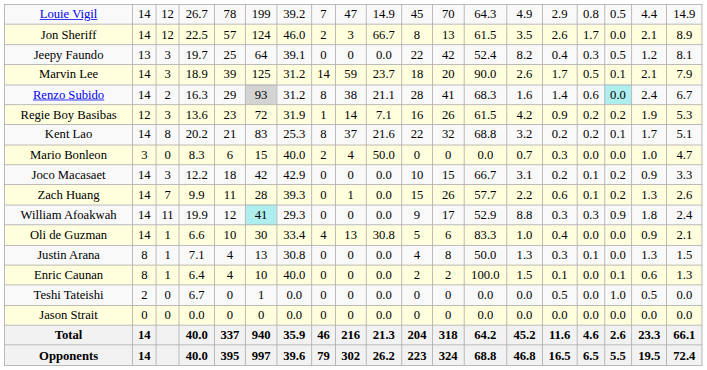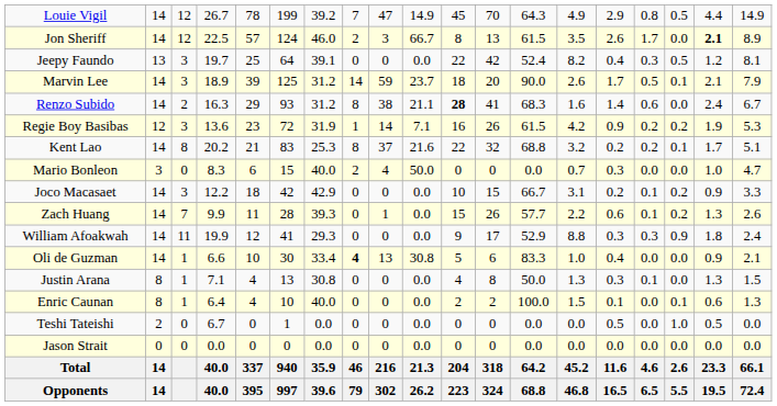 <table class=wikitable width=100%>
 <tr align=center>
 <td><a href='#'>Louie Vigil</a></td>
 <td>14</td>
 <td>12</td>
 <td style=>26.7</td>
 <td>78</td>
 <td>199</td>
 <td>39.2</td>
 <td>7</td>
 <td>47</td>
 <td>14.9</td>
 <td>45</td>
 <td>70</td>
 <td>64.3</td>
 <td>4.9</td>
 <td style=>2.9</td>
 <td>0.8</td>
 <td>0.5</td>
 <td>4.4</td>
 <td style=>14.9</td>
 </tr>
 <tr bgcolor=#ffffdd align=center>
 <td>Jon Sheriff</td>
 <td>14</td>
 <td>12</td>
 <td>22.5</td>
 <td>57</td>
 <td>124</td>
 <td style=>46.0</td>
 <td>2</td>
 <td>3</td>
 <td style=>66.7</td>
 <td>8</td>
 <td>13</td>
 <td>61.5</td>
 <td>3.5</td>
 <td>2.6</td>
 <td style=>1.7</td>
 <td>0.0</td>
-<td>2.1</td>
+<td><strong>2.1</strong></td>
 <td>8.9</td>
 </tr>
 <tr align=center>
 <td>Jeepy Faundo</td>
 <td>13</td>
 <td>3</td>
 <td>19.7</td>
 <td>25</td>
 <td>64</td>
 <td>39.1</td>
 <td>0</td>
 <td>0</td>
 <td>0.0</td>
 <td>22</td>
 <td>42</td>
 <td>52.4</td>
 <td>8.2</td>
 <td>0.4</td>
 <td>0.3</td>
 <td>0.5</td>
 <td>1.2</td>
 <td>8.1</td>
 </tr>
 <tr bgcolor=#ffffdd align=center>
 <td>Marvin Lee</td>
 <td>14</td>
 <td>3</td>
 <td>18.9</td>
 <td>39</td>
 <td>125</td>
 <td>31.2</td>
 <td>14</td>
 <td>59</td>
 <td>23.7</td>
 <td>18</td>
 <td>20</td>
 <td>90.0</td>
 <td>2.6</td>
 <td>1.7</td>
 <td>0.5</td>
 <td>0.1</td>
 <td>2.1</td>
 <td>7.9</td>
 </tr>
 <tr align=center>
 <td><a href='#'>Renzo Subido</a></td>
 <td>14</td>
 <td>2</td>
 <td>16.3</td>
 <td>29</td>
-<td style="background: lightgrey;">93</td>
+<td>93</td>
 <td>31.2</td>
 <td>8</td>
 <td>38</td>
 <td>21.1</td>
-<td>28</td>
+<td><strong>28</strong></td>
 <td>41</td>
 <td>68.3</td>
 <td>1.6</td>
 <td>1.4</td>
 <td>0.6</td>
-<td style="background: paleturquoise;">0.0</td>
+<td>0.0</td>
 <td>2.4</td>
 <td>6.7</td>
 </tr>
 <tr bgcolor=#ffffdd align=center>
 <td>Regie Boy Basibas</td>
 <td>12</td>
 <td>3</td>
 <td>13.6</td>
 <td>23</td>
 <td>72</td>
 <td>31.9</td>
 <td>1</td>
 <td>14</td>
 <td>7.1</td>
 <td>16</td>
 <td>26</td>
 <td>61.5</td>
 <td>4.2</td>
 <td>0.9</td>
 <td>0.2</td>
 <td>0.2</td>
 <td>1.9</td>
 <td>5.3</td>
 </tr>
 <tr align=center>
 <td>Kent Lao</td>
 <td>14</td>
 <td>8</td>
 <td>20.2</td>
 <td>21</td>
 <td>83</td>
 <td>25.3</td>
 <td>8</td>
 <td>37</td>
 <td>21.6</td>
 <td>22</td>
 <td>32</td>
 <td>68.8</td>
 <td>3.2</td>
 <td>0.2</td>
 <td>0.2</td>
 <td>0.1</td>
 <td>1.7</td>
 <td>5.1</td>
 </tr>
 <tr bgcolor=#ffffdd align=center>
 <td>Mario Bonleon</td>
 <td>3</td>
 <td>0</td>
 <td>8.3</td>
 <td>6</td>
 <td>15</td>
 <td>40.0</td>
 <td>2</td>
 <td>4</td>
 <td>50.0</td>
 <td>0</td>
 <td>0</td>
 <td>0.0</td>
 <td>0.7</td>
 <td>0.3</td>
 <td>0.0</td>
 <td>0.0</td>
 <td>1.0</td>
 <td>4.7</td>
 </tr>
 <tr align=center>
 <td>Joco Macasaet</td>
 <td>14</td>
 <td>3</td>
 <td>12.2</td>
 <td>18</td>
 <td>42</td>
 <td>42.9</td>
 <td>0</td>
 <td>0</td>
 <td>0.0</td>
 <td>10</td>
 <td>15</td>
 <td>66.7</td>
 <td>3.1</td>
 <td>0.2</td>
 <td>0.1</td>
 <td>0.2</td>
 <td>0.9</td>
 <td>3.3</td>
 </tr>
 <tr bgcolor=#ffffdd align=center>
 <td>Zach Huang</td>
 <td>14</td>
 <td>7</td>
 <td>9.9</td>
 <td>11</td>
 <td>28</td>
 <td>39.3</td>
 <td>0</td>
 <td>1</td>
 <td>0.0</td>
 <td>15</td>
 <td>26</td>
 <td>57.7</td>
 <td>2.2</td>
 <td>0.6</td>
 <td>0.1</td>
 <td>0.2</td>
 <td>1.3</td>
 <td>2.6</td>
 </tr>
 <tr align=center>
 <td>William Afoakwah</td>
 <td>14</td>
 <td>11</td>
 <td>19.9</td>
 <td>12</td>
-<td style="background: paleturquoise;">41</td>
+<td>41</td>
 <td>29.3</td>
 <td>0</td>
 <td>0</td>
 <td>0.0</td>
 <td>9</td>
 <td>17</td>
 <td>52.9</td>
 <td style=>8.8</td>
 <td>0.3</td>
 <td>0.3</td>
 <td style=>0.9</td>
 <td>1.8</td>
 <td>2.4</td>
 </tr>
 <tr bgcolor=#ffffdd align=center>
 <td>Oli de Guzman</td>
 <td>14</td>
 <td>1</td>
 <td>6.6</td>
 <td>10</td>
 <td>30</td>
 <td>33.4</td>
-<td>4</td>
+<td><strong>4</strong></td>
 <td>13</td>
 <td>30.8</td>
 <td>5</td>
 <td>6</td>
 <td>83.3</td>
 <td>1.0</td>
 <td>0.4</td>
 <td>0.0</td>
 <td>0.0</td>
 <td>0.9</td>
 <td>2.1</td>
 </tr>
 <tr align=center>
 <td>Justin Arana</td>
 <td>8</td>
 <td>1</td>
 <td>7.1</td>
 <td>4</td>
 <td>13</td>
 <td>30.8</td>
 <td>0</td>
 <td>0</td>
 <td>0.0</td>
 <td>4</td>
 <td>8</td>
 <td>50.0</td>
 <td>1.3</td>
 <td>0.3</td>
 <td>0.1</td>
 <td>0.0</td>
 <td>1.3</td>
 <td>1.5</td>
 </tr>
 <tr bgcolor=#ffffdd align=center>
 <td>Enric Caunan</td>
 <td>8</td>
 <td>1</td>
 <td>6.4</td>
 <td>4</td>
 <td>10</td>
 <td>40.0</td>
 <td>0</td>
 <td>0</td>
 <td>0.0</td>
 <td>2</td>
 <td>2</td>
 <td style=>100.0</td>
 <td>1.5</td>
 <td>0.1</td>
 <td>0.0</td>
 <td>0.1</td>
 <td>0.6</td>
 <td>1.3</td>
 </tr>
 <tr align=center>
 <td>Teshi Tateishi</td>
 <td>2</td>
 <td>0</td>
 <td>6.7</td>
 <td>0</td>
 <td>1</td>
 <td>0.0</td>
 <td>0</td>
 <td>0</td>
 <td>0.0</td>
 <td>0</td>
 <td>0</td>
 <td>0.0</td>
 <td>0.0</td>
 <td>0.5</td>
 <td>0.0</td>
 <td>1.0</td>
 <td>0.5</td>
 <td>0.0</td>
 </tr>
 <tr bgcolor=#ffffdd align=center>
 <td>Jason Strait</td>
 <td>0</td>
 <td>0</td>
 <td>0.0</td>
 <td>0</td>
 <td>0</td>
 <td>0.0</td>
 <td>0</td>
 <td>0</td>
 <td>0.0</td>
 <td>0</td>
 <td>0</td>
 <td>0.0</td>
 <td>0.0</td>
 <td>0.0</td>
 <td>0.0</td>
 <td>0.0</td>
 <td>0.0</td>
 <td>0.0</td>
 </tr>
 <tr class=sortbottom>
 <th>Total</th>
 <th>14</th>
 <th></th>
 <th>40.0</th>
 <th>337</th>
 <th>940</th>
 <th>35.9</th>
 <th>46</th>
 <th>216</th>
 <th>21.3</th>
 <th>204</th>
 <th>318</th>
 <th>64.2</th>
 <th>45.2</th>
 <th>11.6</th>
 <th>4.6</th>
 <th>2.6</th>
 <th>23.3</th>
 <th>66.1</th>
 </tr>
 <tr class=sortbottom>
 <th>Opponents</th>
 <th>14</th>
 <th></th>
 <th>40.0</th>
 <th>395</th>
 <th>997</th>
 <th>39.6</th>
 <th>79</th>
 <th>302</th>
 <th>26.2</th>
 <th>223</th>
 <th>324</th>
 <th>68.8</th>
 <th>46.8</th>
 <th>16.5</th>
 <th>6.5</th>
 <th>5.5</th>
 <th>19.5</th>
 <th>72.4</th>
 </tr>
 </table>
